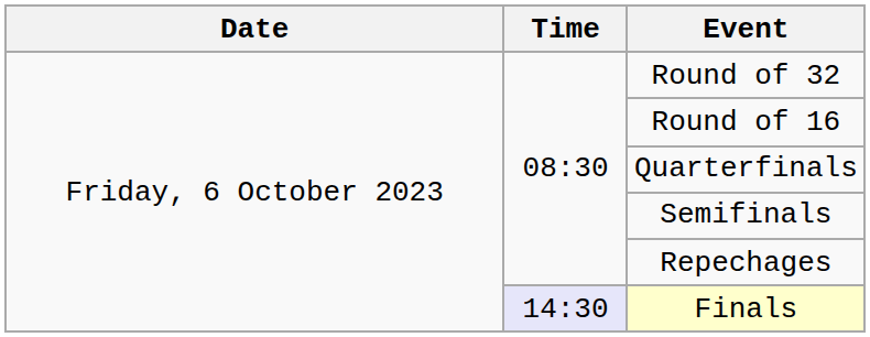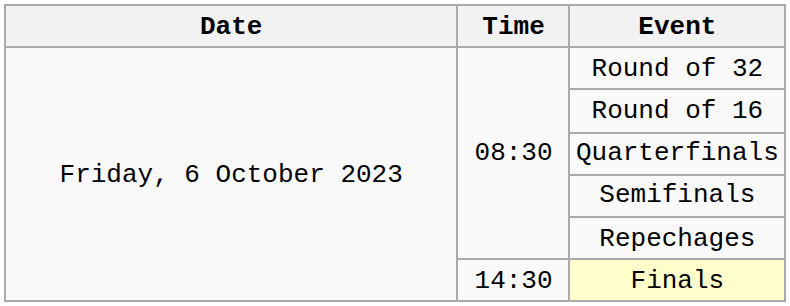 <table class = "wikitable" style="text-align:center;">
 <tr>
 <th width=220>Date</th>
 <th width=50>Time</th>
 <th width=100>Event</th>
 </tr>
 <tr>
 <td rowspan=6>Friday, 6 October 2023</td>
 <td rowspan=5>08:30</td>
 <td>Round of 32</td>
 </tr>
 <tr>
 <td>Round of 16</td>
 </tr>
 <tr>
 <td>Quarterfinals</td>
 </tr>
 <tr>
 <td>Semifinals</td>
 </tr>
 <tr>
 <td>Repechages</td>
 </tr>
 <tr>
-<td style="background: lavender;">14:30</td>
+<td>14:30</td>
 <td bgcolor=ffffcc>Finals</td>
 </tr>
 </table>
